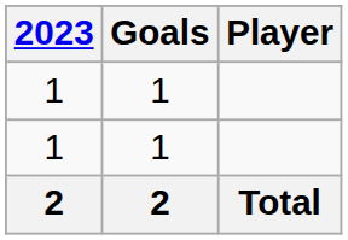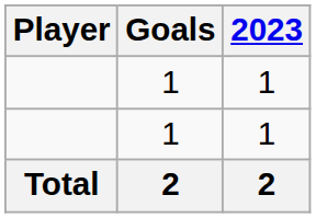 <table class="wikitable sortable" style="text-align:center;">
 <tr>
+<th>Player</th>
+<th>Goals</th>
 <th><a href='#'>2023</a></th>
-<th>Goals</th>
-<th>Player</th>
 </tr>
 <tr>
+<td></td>
 <td>1</td>
 <td>1</td>
-<td></td>
 </tr>
 <tr>
+<td></td>
 <td>1</td>
 <td>1</td>
-<td></td>
 </tr>
 <tr class="sortbottom">
+<th>Total</th>
 <th>2</th>
 <th>2</th>
-<th>Total</th>
 </tr>
 </table>
